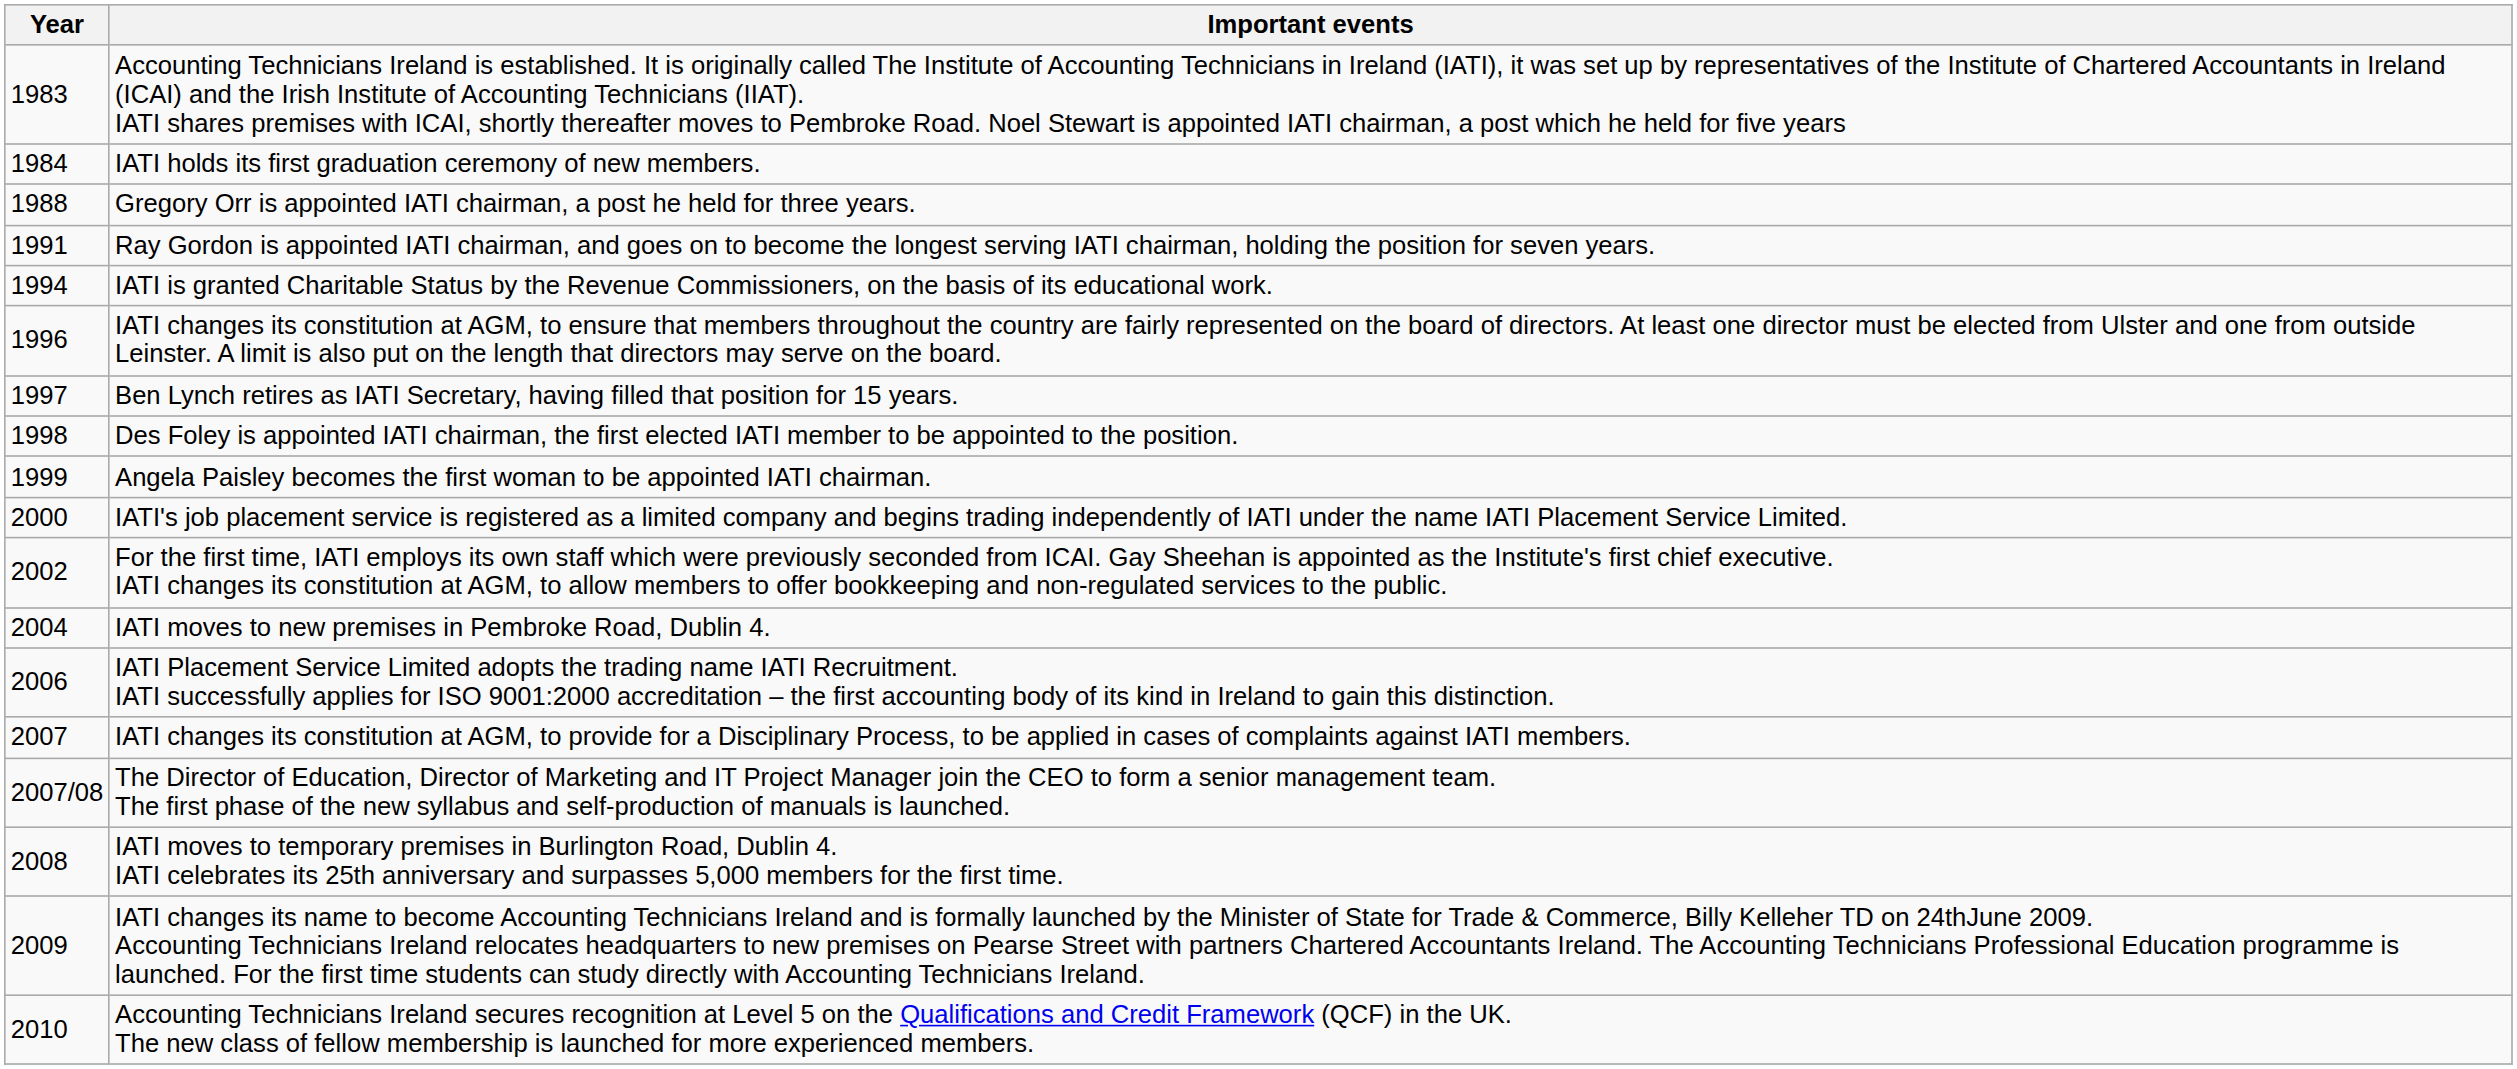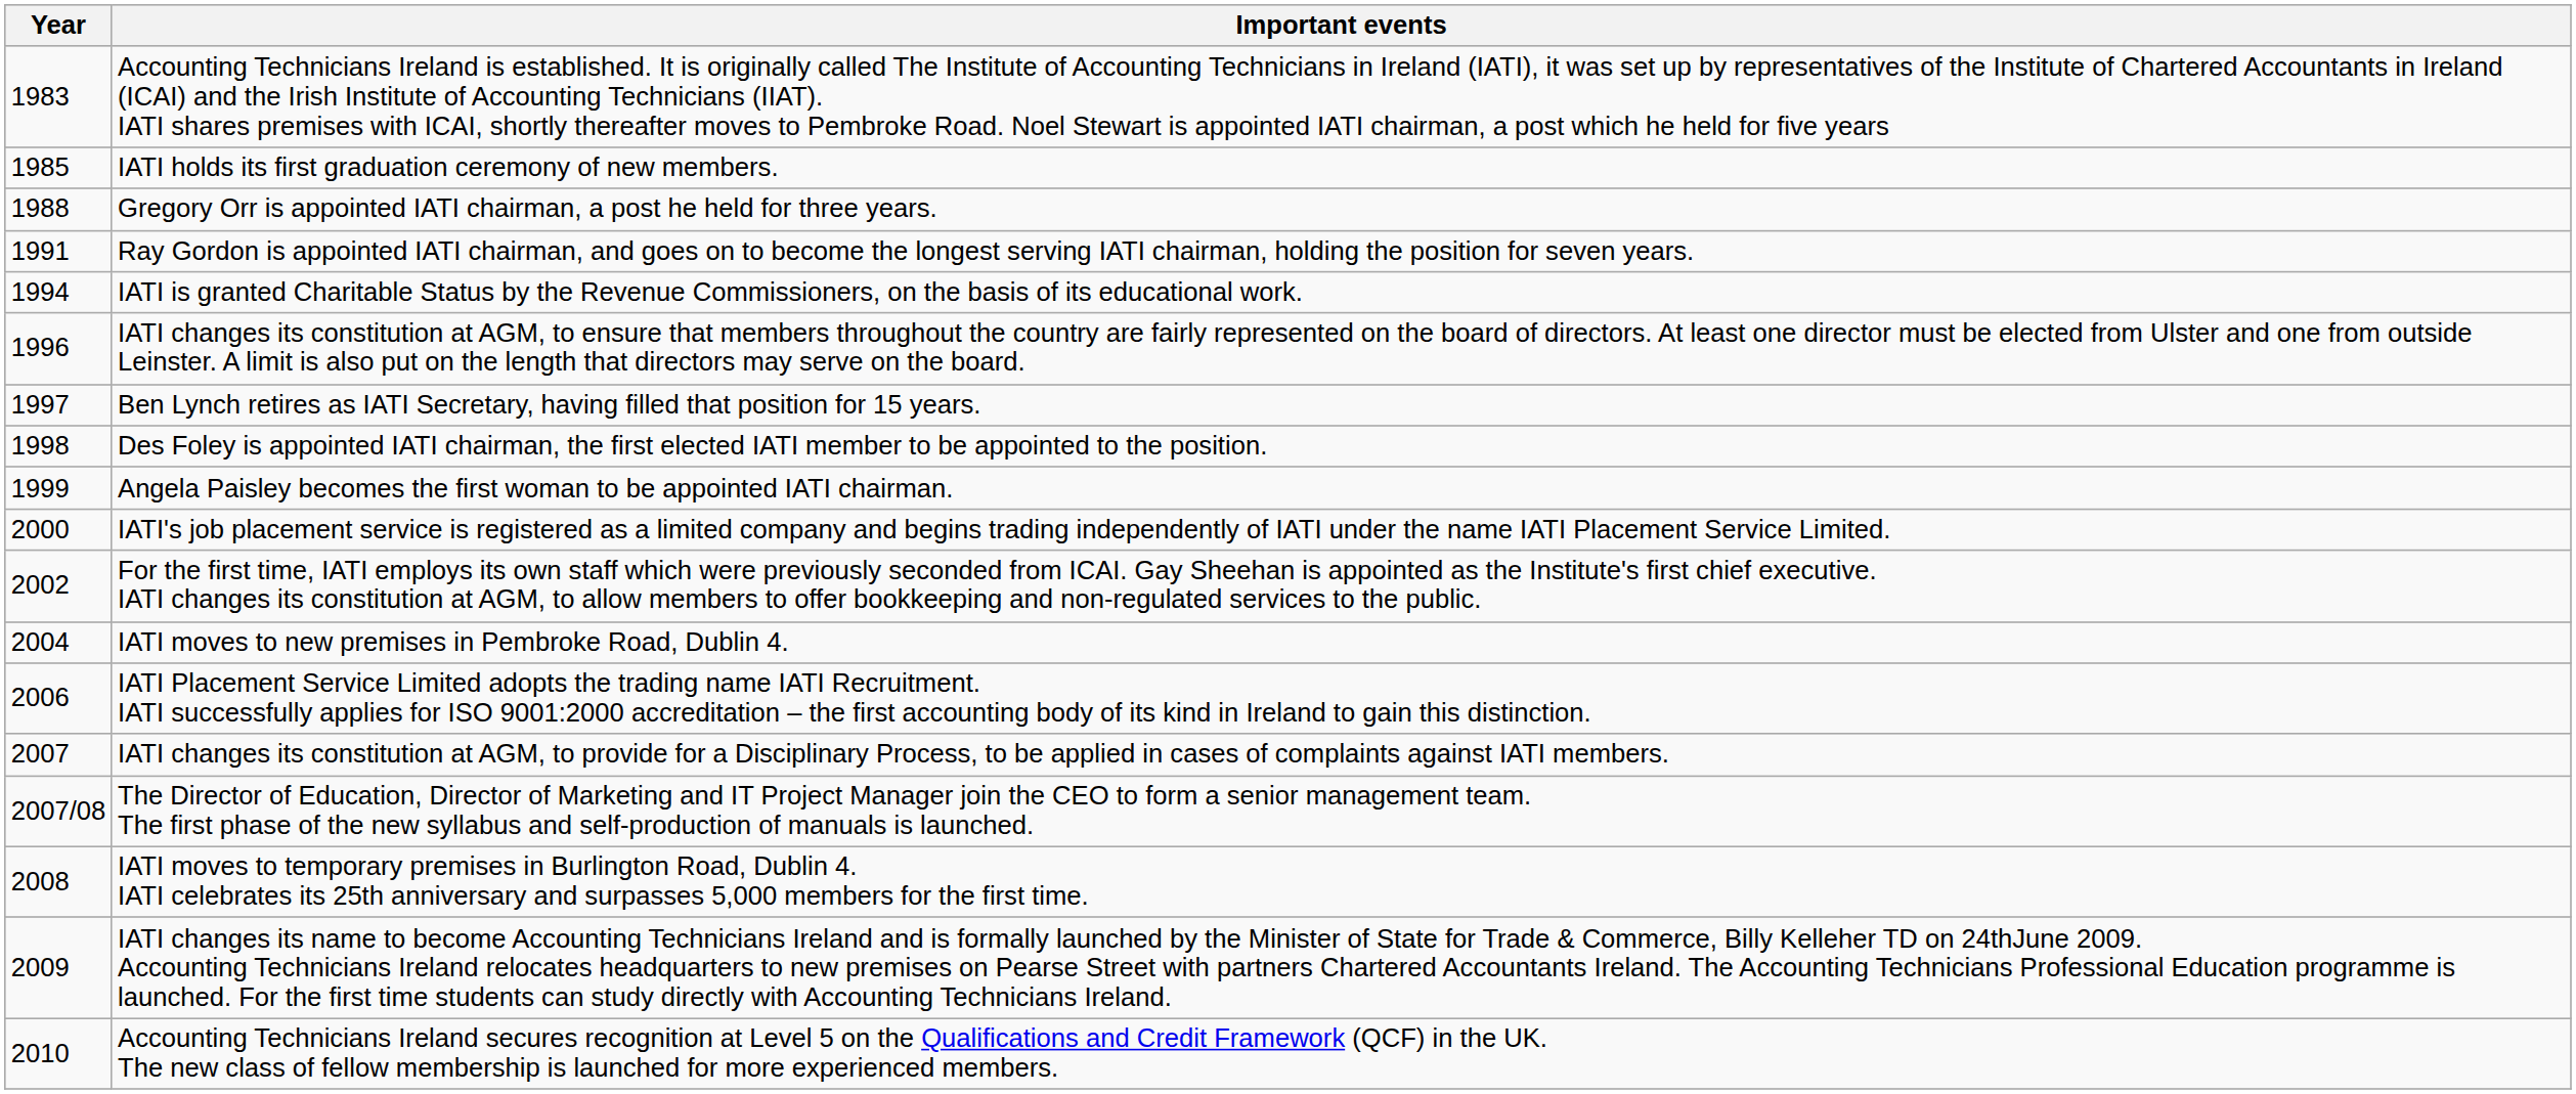 <table class="wikitable sortable">
 <tr>
 <th>Year</th>
 <th>Important events</th>
 </tr>
 <tr>
 <td>1983</td>
 <td>Accounting Technicians Ireland is established.  It is originally called The Institute of Accounting Technicians in Ireland (IATI), it was set up by representatives of the Institute of Chartered Accountants in Ireland (ICAI) and the Irish Institute of Accounting Technicians (IIAT).<br>IATI shares premises with ICAI, shortly thereafter moves to Pembroke Road. Noel Stewart is appointed IATI chairman, a post which he held for five years</td>
 </tr>
 <tr>
-<td>1984</td>
+<td>1985</td>
 <td>IATI holds its first graduation ceremony of new members.</td>
 </tr>
 <tr>
 <td>1988</td>
 <td>Gregory Orr is appointed IATI chairman, a post he held for three years.</td>
 </tr>
 <tr>
 <td>1991</td>
 <td>Ray Gordon is appointed IATI chairman, and goes on to become the longest serving IATI chairman, holding the position for seven years.</td>
 </tr>
 <tr>
 <td>1994</td>
 <td>IATI is granted Charitable Status by the Revenue Commissioners, on the basis of its educational work.</td>
 </tr>
 <tr>
 <td>1996</td>
 <td>IATI changes its constitution at AGM, to ensure that members throughout the country are fairly represented on the board of directors. At least one director must be elected from Ulster and one from outside Leinster. A limit is also put on the length that directors may serve on the board.</td>
 </tr>
 <tr>
 <td>1997</td>
 <td>Ben Lynch retires as IATI Secretary, having filled that position for 15 years.</td>
 </tr>
 <tr>
 <td>1998</td>
 <td>Des Foley is appointed IATI chairman, the first elected IATI member to be appointed to the position.</td>
 </tr>
 <tr>
 <td>1999</td>
 <td>Angela Paisley becomes the first woman to be appointed IATI chairman.</td>
 </tr>
 <tr>
 <td>2000</td>
 <td>IATI's job placement service is registered as a limited company and begins trading independently of IATI under the name IATI Placement Service Limited.</td>
 </tr>
 <tr>
 <td>2002</td>
 <td>For the first time, IATI employs its own staff which were previously seconded from ICAI. Gay Sheehan is appointed as the Institute's first chief executive.<br>IATI changes its constitution at AGM, to allow members to offer bookkeeping and non-regulated services to the public.</td>
 </tr>
 <tr>
 <td>2004</td>
 <td>IATI moves to new premises in Pembroke Road, Dublin 4.</td>
 </tr>
 <tr>
 <td>2006</td>
 <td>IATI Placement Service Limited adopts the trading name IATI Recruitment.<br>IATI successfully applies for ISO 9001:2000 accreditation – the first accounting body of its kind in Ireland to gain this distinction.</td>
 </tr>
 <tr>
 <td>2007</td>
 <td>IATI changes its constitution at AGM, to provide for a Disciplinary Process, to be applied in cases of complaints against IATI members.</td>
 </tr>
 <tr>
 <td>2007/08</td>
 <td>The Director of Education, Director of Marketing and IT Project Manager join the CEO to form a senior management team.<br>The first phase of the new syllabus and self-production of manuals is launched.</td>
 </tr>
 <tr>
 <td>2008</td>
 <td>IATI moves to temporary premises in Burlington Road, Dublin 4.<br>IATI celebrates its 25th anniversary and surpasses 5,000 members for the first time.</td>
 </tr>
 <tr>
 <td>2009</td>
 <td>IATI changes its name to become Accounting Technicians Ireland and is formally launched by the Minister of State for Trade & Commerce, Billy Kelleher TD on 24thJune 2009.<br>Accounting Technicians Ireland relocates headquarters to new premises on Pearse Street with partners Chartered Accountants Ireland. The Accounting Technicians Professional Education programme is launched. For the first time students can study directly with Accounting Technicians Ireland.</td>
 </tr>
 <tr>
 <td>2010</td>
 <td>Accounting Technicians Ireland secures recognition at Level 5 on the <a href='#'>Qualifications and Credit Framework</a> (QCF) in the UK.<br>The new class of fellow membership is launched for more experienced members.</td>
 </tr>
 </table>
